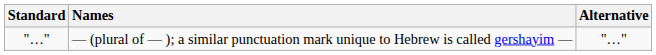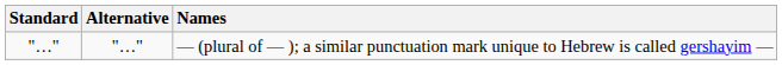 <table class="wikitable">
 <tr>
 <th>Standard</th>
+<th>Alternative</th>
 <th style="text-align: left;">Names</th>
-<th>Alternative</th>
 </tr>
 <tr>
 <td style="text-align: center;">‏ <span>"…"</span> ‏</td>
+<td style="text-align: center;">‏ <span>"…"</span> ‏</td>
 <td><em></em> —  (plural of <em></em> — ); a similar punctuation mark unique to Hebrew is called <a href='#'>gershayim</a> — </td>
-<td style="text-align: center;">‏ <span>"…"</span> ‏</td>
 </tr>
 </table>
